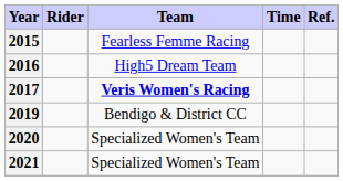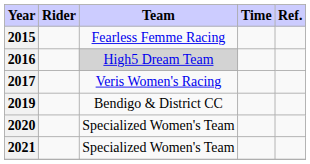 <table class="wikitable sortable">
 <tr>
 <th style="background-color:#CCCCFF">Year</th>
 <th style="background-color:#CCCCFF">Rider</th>
 <th style="background-color:#CCCCFF">Team</th>
 <th style="background-color:#CCCCFF">Time</th>
 <th style="background-color:#CCCCFF" class=unsortable>Ref.</th>
 </tr>
 <tr>
 <th scope=row>2015</th>
 <td></td>
 <td align=center><a href='#'>Fearless Femme Racing</a></td>
 <td align=right></td>
 <td align=center></td>
 </tr>
 <tr>
 <th scope=row>2016</th>
 <td></td>
-<td align=center><a href='#'>High5 Dream Team</a></td>
+<td align=center style="background: lightgrey;"><a href='#'>High5 Dream Team</a></td>
 <td align=right></td>
 <td align=center></td>
 </tr>
 <tr>
 <th scope=row>2017</th>
 <td></td>
-<td align=center><strong><a href='#'>Veris Women's Racing</a></strong></td>
+<td align=center><a href='#'>Veris Women's Racing</a></td>
 <td align=right></td>
 <td align=center></td>
 </tr>
 <tr>
 <th scope=row>2019</th>
 <td></td>
 <td align=center>Bendigo & District CC</td>
 <td align=right></td>
 <td align=center></td>
 </tr>
 <tr>
 <th scope=row>2020</th>
 <td></td>
 <td align=center>Specialized Women's Team</td>
 <td align=right></td>
 <td align=center></td>
 </tr>
 <tr>
 <th scope=row>2021</th>
 <td></td>
 <td align=center>Specialized Women's Team</td>
 <td align=right></td>
 <td align=center></td>
 </tr>
 <tr>
 </tr>
 </table>
